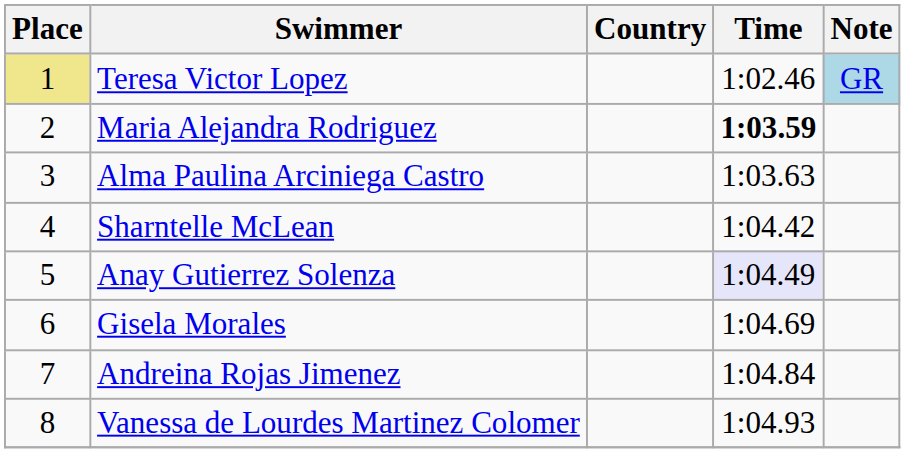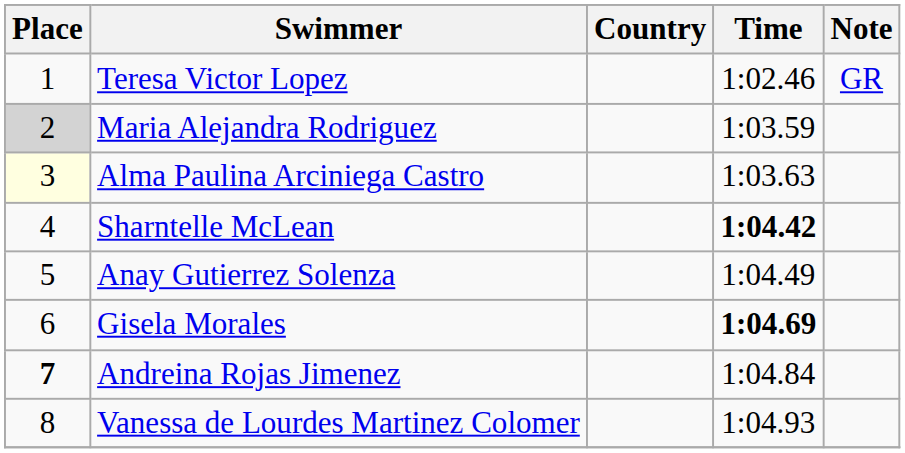 <table class="wikitable" style="text-align:center">
 <tr>
 <th>Place</th>
 <th>Swimmer</th>
 <th>Country</th>
 <th>Time</th>
 <th>Note</th>
 </tr>
 <tr>
-<td style="background: khaki;">1</td>
+<td>1</td>
 <td align=left><a href='#'>Teresa Victor Lopez</a></td>
 <td align=left></td>
 <td>1:02.46</td>
-<td style="background: lightblue;"><a href='#'>GR</a></td>
+<td><a href='#'>GR</a></td>
 </tr>
 <tr>
-<td>2</td>
+<td style="background: lightgrey;">2</td>
 <td align=left><a href='#'>Maria Alejandra Rodriguez</a></td>
 <td align=left></td>
-<td><strong>1:03.59</strong></td>
+<td>1:03.59</td>
 <td></td>
 </tr>
 <tr>
-<td>3</td>
+<td style="background: lightyellow;">3</td>
 <td align=left><a href='#'>Alma Paulina Arciniega Castro</a></td>
 <td align=left></td>
 <td>1:03.63</td>
 <td></td>
 </tr>
 <tr>
 <td>4</td>
 <td align=left><a href='#'>Sharntelle McLean</a></td>
 <td align=left></td>
-<td>1:04.42</td>
+<td><strong>1:04.42</strong></td>
 <td></td>
 </tr>
 <tr>
 <td>5</td>
 <td align=left><a href='#'>Anay Gutierrez Solenza</a></td>
 <td align=left></td>
-<td style="background: lavender;">1:04.49</td>
+<td>1:04.49</td>
 <td></td>
 </tr>
 <tr>
 <td>6</td>
 <td align=left><a href='#'>Gisela Morales</a></td>
 <td align=left></td>
-<td>1:04.69</td>
+<td><strong>1:04.69</strong></td>
 <td></td>
 </tr>
 <tr>
-<td>7</td>
+<td><strong>7</strong></td>
 <td align=left><a href='#'>Andreina Rojas Jimenez</a></td>
 <td align=left></td>
 <td>1:04.84</td>
 <td></td>
 </tr>
 <tr>
 <td>8</td>
 <td align=left><a href='#'>Vanessa de Lourdes Martinez Colomer</a></td>
 <td align=left></td>
 <td>1:04.93</td>
 <td></td>
 </tr>
 <tr>
 </tr>
 </table>
